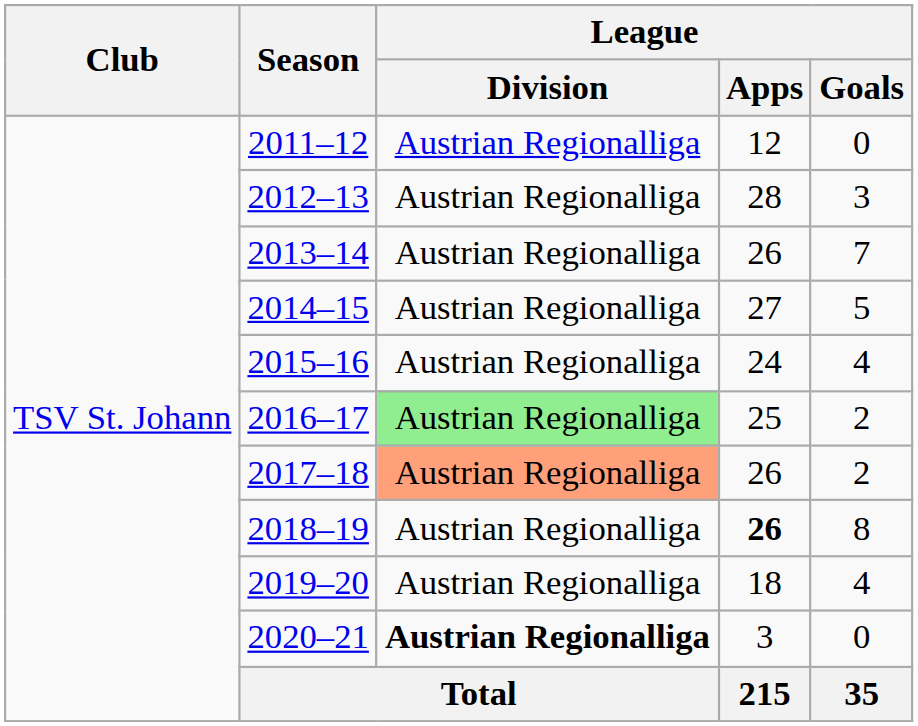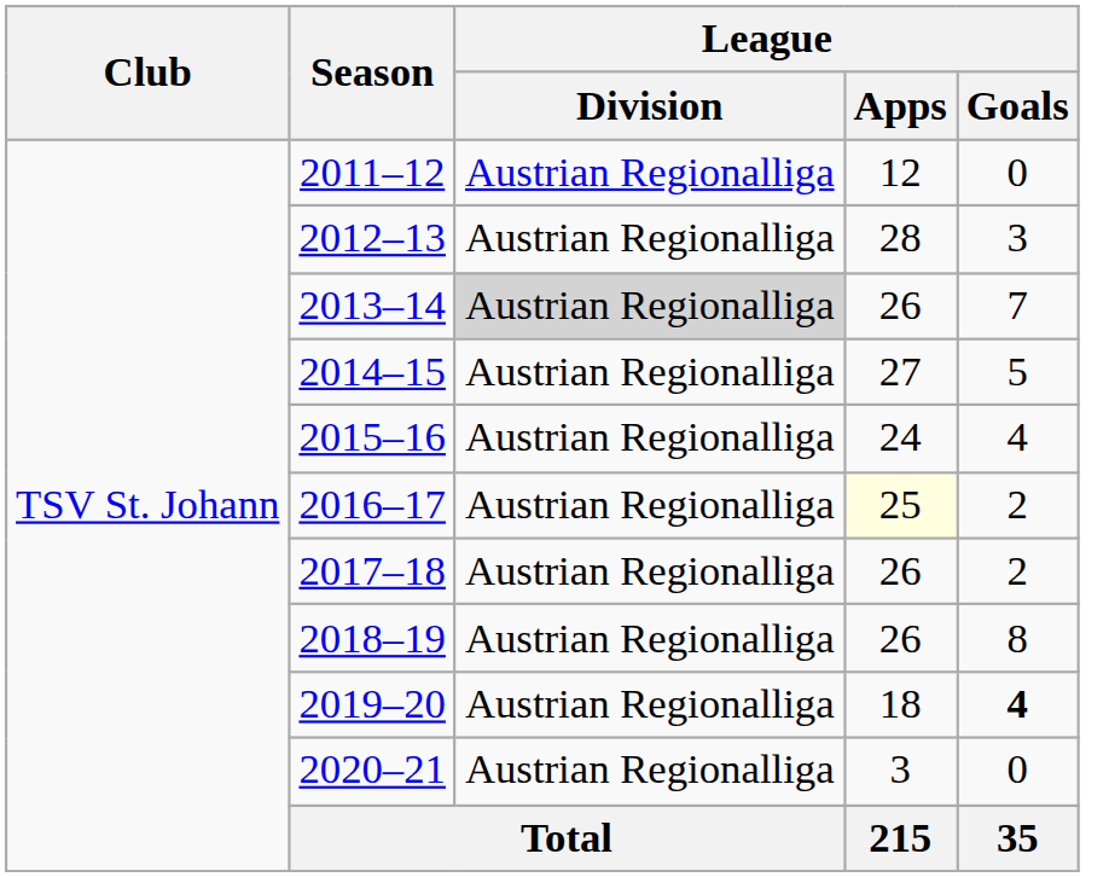 <table class="wikitable" style="text-align:center">
 <tr>
 <th rowspan="2">Club</th>
 <th rowspan="2">Season</th>
 <th colspan="3">League</th>
 </tr>
 <tr>
 <th>Division</th>
 <th>Apps</th>
 <th>Goals</th>
 </tr>
 <tr>
 <td rowspan="11"><a href='#'>TSV St. Johann</a></td>
 <td><a href='#'>2011–12</a></td>
 <td><a href='#'>Austrian Regionalliga</a></td>
 <td>12</td>
 <td>0</td>
 </tr>
 <tr>
 <td><a href='#'>2012–13</a></td>
 <td>Austrian Regionalliga</td>
 <td>28</td>
 <td>3</td>
 </tr>
 <tr>
 <td><a href='#'>2013–14</a></td>
-<td>Austrian Regionalliga</td>
+<td style="background: lightgrey;">Austrian Regionalliga</td>
 <td>26</td>
 <td>7</td>
 </tr>
 <tr>
 <td><a href='#'>2014–15</a></td>
 <td>Austrian Regionalliga</td>
 <td>27</td>
 <td>5</td>
 </tr>
 <tr>
 <td><a href='#'>2015–16</a></td>
 <td>Austrian Regionalliga</td>
 <td>24</td>
 <td>4</td>
 </tr>
 <tr>
 <td><a href='#'>2016–17</a></td>
-<td style="background: lightgreen;">Austrian Regionalliga</td>
-<td>25</td>
+<td>Austrian Regionalliga</td>
+<td style="background: lightyellow;">25</td>
 <td>2</td>
 </tr>
 <tr>
 <td><a href='#'>2017–18</a></td>
-<td style="background: lightsalmon;">Austrian Regionalliga</td>
+<td>Austrian Regionalliga</td>
 <td>26</td>
 <td>2</td>
 </tr>
 <tr>
 <td><a href='#'>2018–19</a></td>
 <td>Austrian Regionalliga</td>
-<td><strong>26</strong></td>
+<td>26</td>
 <td>8</td>
 </tr>
 <tr>
 <td><a href='#'>2019–20</a></td>
 <td>Austrian Regionalliga</td>
 <td>18</td>
-<td>4</td>
+<td><strong>4</strong></td>
 </tr>
 <tr>
 <td><a href='#'>2020–21</a></td>
-<td><strong>Austrian Regionalliga</strong></td>
+<td>Austrian Regionalliga</td>
 <td>3</td>
 <td>0</td>
 </tr>
 <tr>
 <th colspan="2">Total</th>
 <th>215</th>
 <th>35</th>
 </tr>
 </table>
